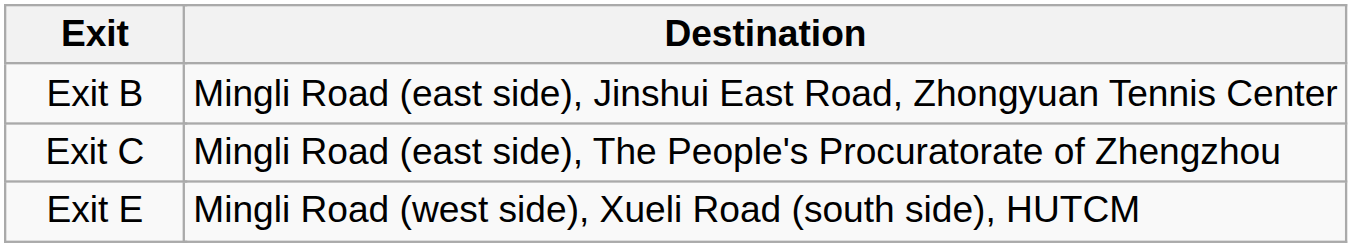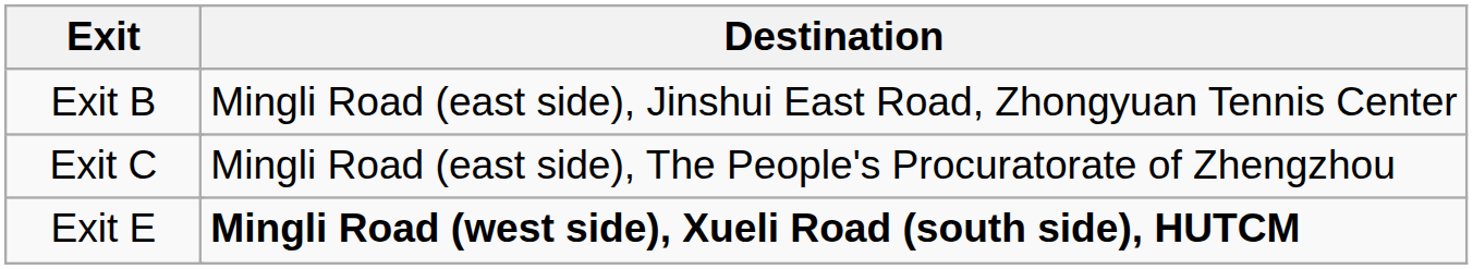 <table class="wikitable">
 <tr>
 <th style="width:70px" colspan="2">Exit</th>
 <th>Destination</th>
 </tr>
 <tr>
 <td align="center" colspan="2">Exit B</td>
 <td>Mingli Road (east side), Jinshui East Road, Zhongyuan Tennis Center</td>
 </tr>
 <tr>
 <td align="center" colspan="2">Exit C</td>
 <td>Mingli Road (east side), The People's Procuratorate of Zhengzhou</td>
 </tr>
 <tr>
 <td align="center" colspan="2">Exit E</td>
-<td>Mingli Road (west side), Xueli Road (south side), HUTCM</td>
+<td><strong>Mingli Road (west side), Xueli Road (south side), HUTCM</strong></td>
 </tr>
 </table>
